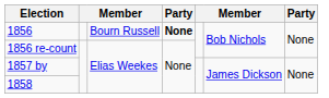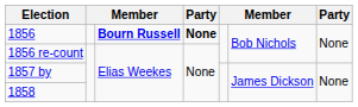 <table class="wikitable">
 <tr>
 <th>Election</th>
 <th colspan="2">Member</th>
 <th>Party</th>
 <th colspan="2">Member</th>
 <th>Party</th>
 </tr>
 <tr>
 <td><a href='#'>1856</a></td>
 <td> </td>
-<td><a href='#'>Bourn Russell</a></td>
+<td><strong><a href='#'>Bourn Russell</a></strong></td>
 <td><strong>None</strong></td>
 <td rowspan="2" > </td>
 <td rowspan="2"><a href='#'>Bob Nichols</a></td>
 <td rowspan="2">None</td>
 </tr>
 <tr>
 <td><a href='#'>1856 re-count</a></td>
 <td rowspan="3" > </td>
 <td rowspan="3"><a href='#'>Elias Weekes</a></td>
 <td rowspan="3">None</td>
 </tr>
 <tr>
 <td><a href='#'>1857 by</a></td>
 <td rowspan="2" > </td>
 <td rowspan="2"><a href='#'>James Dickson</a></td>
 <td rowspan="2">None</td>
 </tr>
 <tr>
 <td><a href='#'>1858</a></td>
 </tr>
 </table>
